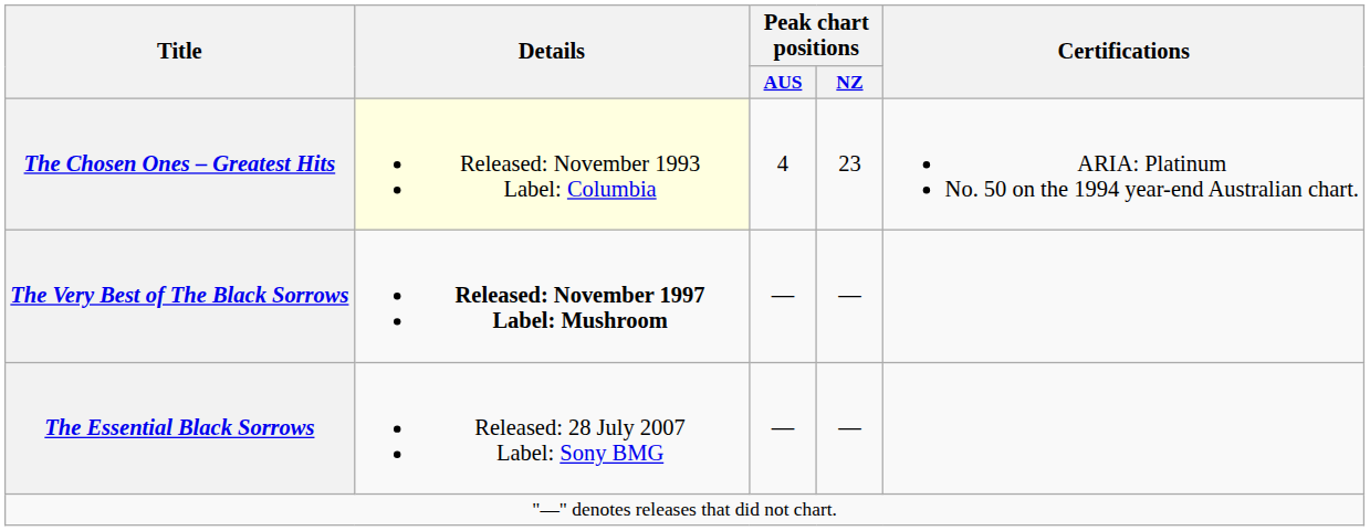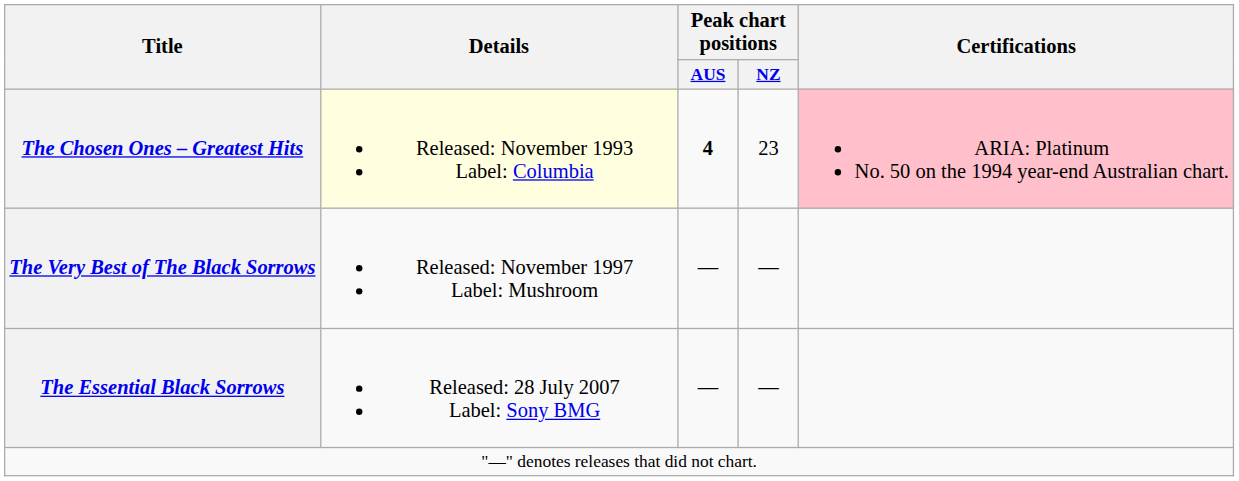 <table class="wikitable plainrowheaders" style="text-align:center;" border="1">
 <tr>
 <th scope="col" rowspan="2">Title</th>
 <th scope="col" rowspan="2" style="width:17em;">Details</th>
 <th scope="col" colspan="2">Peak chart positions</th>
 <th scope="col" rowspan="2">Certifications</th>
 </tr>
 <tr>
 <th style="width:3em;font-size:85%"><a href='#'>AUS</a><br></th>
 <th style="width:3em;font-size:85%"><a href='#'>NZ</a><br></th>
 </tr>
 <tr>
 <th scope="row"><em><a href='#'>The Chosen Ones – Greatest Hits</a></em></th>
 <td style="background: lightyellow;"><br><ul><li>Released: November 1993</li><li>Label: <a href='#'>Columbia</a></li></ul></td>
-<td align="center">4</td>
+<td align="center"><strong>4</strong></td>
 <td align="center">23</td>
-<td><br><ul><li>ARIA: Platinum</li><li>No. 50 on the 1994 year-end Australian chart.</li></ul></td>
+<td style="background: pink;"><br><ul><li>ARIA: Platinum</li><li>No. 50 on the 1994 year-end Australian chart.</li></ul></td>
 </tr>
 <tr>
 <th scope="row"><em><a href='#'>The Very Best of The Black Sorrows</a></em></th>
-<td><strong><br><ul><li>Released: November 1997</li><li>Label: Mushroom</li></ul></strong></td>
+<td><br><ul><li>Released: November 1997</li><li>Label: Mushroom</li></ul></td>
 <td align="center">—</td>
 <td align="center">—</td>
 <td></td>
 </tr>
 <tr>
 <th scope="row"><em><a href='#'>The Essential Black Sorrows</a></em></th>
 <td><br><ul><li>Released: 28 July 2007</li><li>Label: <a href='#'>Sony BMG</a></li></ul></td>
 <td align="center">—</td>
 <td align="center">—</td>
 <td></td>
 </tr>
 <tr>
 <td align="center" colspan="7" style="font-size: 85%">"—" denotes releases that did not chart.</td>
 </tr>
 </table>
